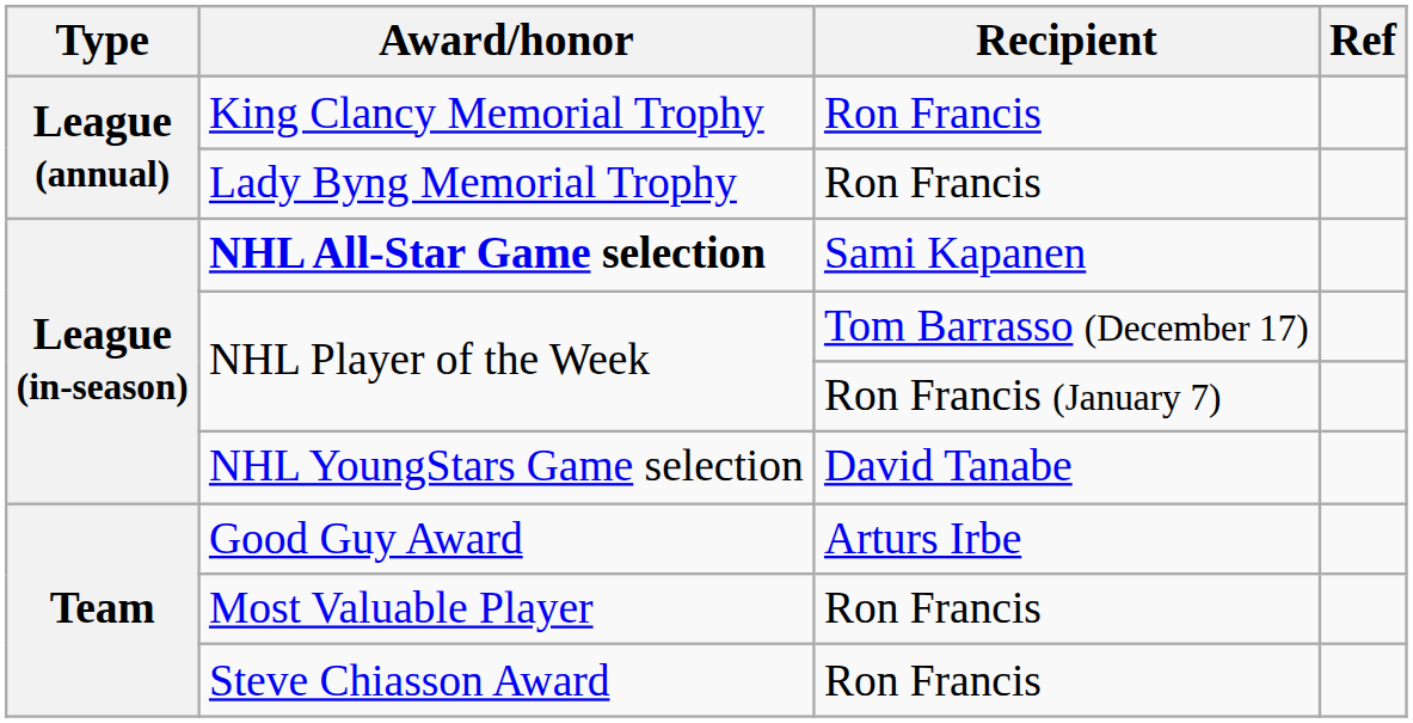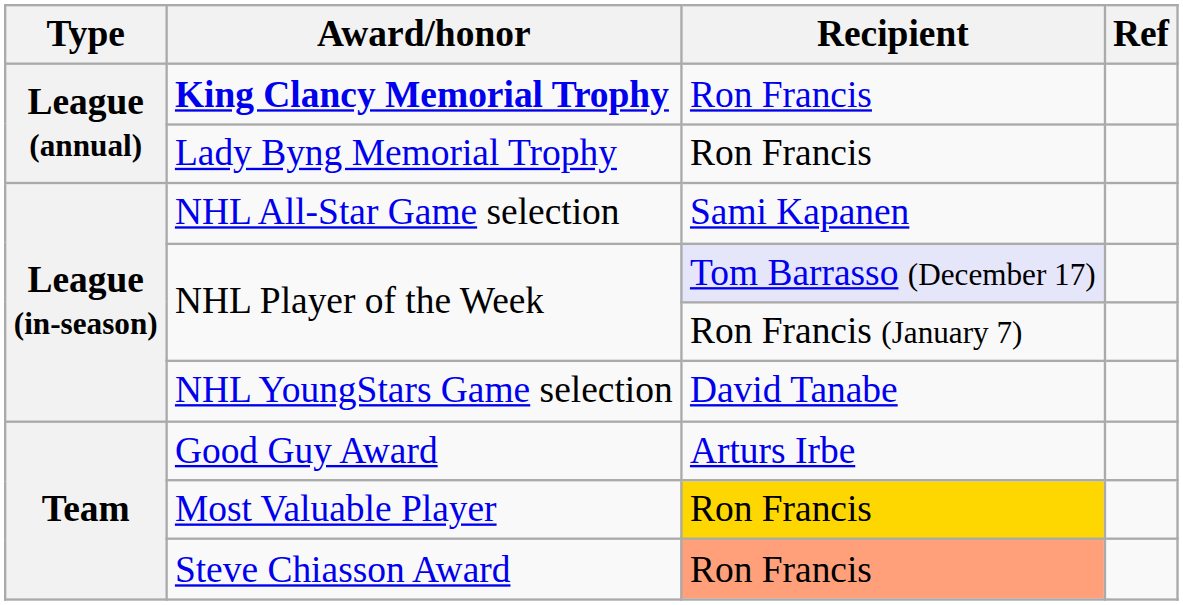 <table class="wikitable">
 <tr>
 <th scope="col">Type</th>
 <th scope="col">Award/honor</th>
 <th scope="col">Recipient</th>
 <th scope="col">Ref</th>
 </tr>
 <tr>
 <th scope="row" rowspan="2">League<br><small>(annual)</small></th>
-<td><a href='#'>King Clancy Memorial Trophy</a></td>
+<td><strong><a href='#'>King Clancy Memorial Trophy</a></strong></td>
 <td><a href='#'>Ron Francis</a></td>
 <td></td>
 </tr>
 <tr>
 <td><a href='#'>Lady Byng Memorial Trophy</a></td>
 <td>Ron Francis</td>
 <td></td>
 </tr>
 <tr>
 <th scope="row" rowspan="4">League<br><small>(in-season)</small></th>
-<td><strong><a href='#'>NHL All-Star Game</a> selection</strong></td>
+<td><a href='#'>NHL All-Star Game</a> selection</td>
 <td><a href='#'>Sami Kapanen</a></td>
 <td></td>
 </tr>
 <tr>
 <td rowspan="2">NHL Player of the Week</td>
-<td><a href='#'>Tom Barrasso</a> <small>(December 17)</small></td>
+<td style="background: lavender;"><a href='#'>Tom Barrasso</a> <small>(December 17)</small></td>
 <td></td>
 </tr>
 <tr>
 <td>Ron Francis <small>(January 7)</small></td>
 <td></td>
 </tr>
 <tr>
 <td><a href='#'>NHL YoungStars Game</a> selection</td>
 <td><a href='#'>David Tanabe</a></td>
 <td></td>
 </tr>
 <tr>
 <th scope="row" rowspan="3">Team</th>
 <td><a href='#'>Good Guy Award</a></td>
 <td><a href='#'>Arturs Irbe</a></td>
 <td></td>
 </tr>
 <tr>
 <td><a href='#'>Most Valuable Player</a></td>
-<td>Ron Francis</td>
+<td style="background: gold;">Ron Francis</td>
 <td></td>
 </tr>
 <tr>
 <td><a href='#'>Steve Chiasson Award</a></td>
-<td>Ron Francis</td>
+<td style="background: lightsalmon;">Ron Francis</td>
 <td></td>
 </tr>
 </table>
